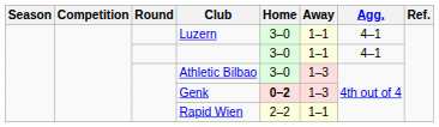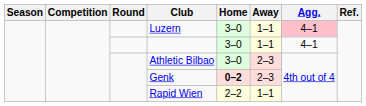 <table class="wikitable" style="text-align: center;">
 <tr>
 <th>Season</th>
 <th>Competition</th>
 <th>Round</th>
 <th>Club</th>
 <th>Home</th>
 <th>Away</th>
 <th><a href='#'>Agg.</a></th>
 <th>Ref.</th>
 </tr>
 <tr>
 <td rowspan="5"></td>
 <td rowspan="5"></td>
 <td></td>
 <td align="left"> <a href='#'>Luzern</a></td>
 <td style="background:#dfd;">3–0</td>
 <td style="background:#ffd;">1–1</td>
-<td>4–1</td>
+<td style="background: pink;">4–1</td>
 <td rowspan="5" style="text-align:center;"></td>
 </tr>
 <tr>
 <td></td>
 <td align="left"></td>
 <td style="background:#dfd;">3–0</td>
 <td style="background:#ffd;">1–1</td>
 <td>4–1</td>
 </tr>
 <tr>
 <td rowspan="3"></td>
 <td align="left"> <a href='#'>Athletic Bilbao</a></td>
 <td style="background:#dfd;">3–0</td>
-<td style="background:#fdd;">1–3</td>
+<td style="background:#fdd;">2–3</td>
 <td rowspan="3"><a href='#'>4th out of 4</a></td>
 </tr>
 <tr>
 <td align="left"> <a href='#'>Genk</a></td>
 <td style="background:#fdd;"><strong>0–2</strong></td>
-<td style="background:#fdd;">1–3</td>
+<td style="background:#fdd;">2–3</td>
 </tr>
 <tr>
 <td align="left"> <a href='#'>Rapid Wien</a></td>
 <td style="background:#ffd;">2–2</td>
 <td style="background:#ffd;">1–1</td>
 </tr>
 </table>
